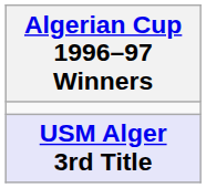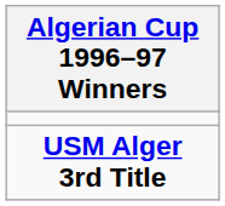 <table class="wikitable" style="text-align: center; margin: 0 auto; width: 20%">
 <tr>
 <th><a href='#'>Algerian Cup</a><br>1996–97 Winners</th>
 </tr>
 <tr>
 <td></td>
 </tr>
 <tr>
-<td style="background: lavender;"><strong><a href='#'>USM Alger</a></strong><br><strong>3rd Title</strong></td>
+<td><strong><a href='#'>USM Alger</a></strong><br><strong>3rd Title</strong></td>
 </tr>
 </table>
